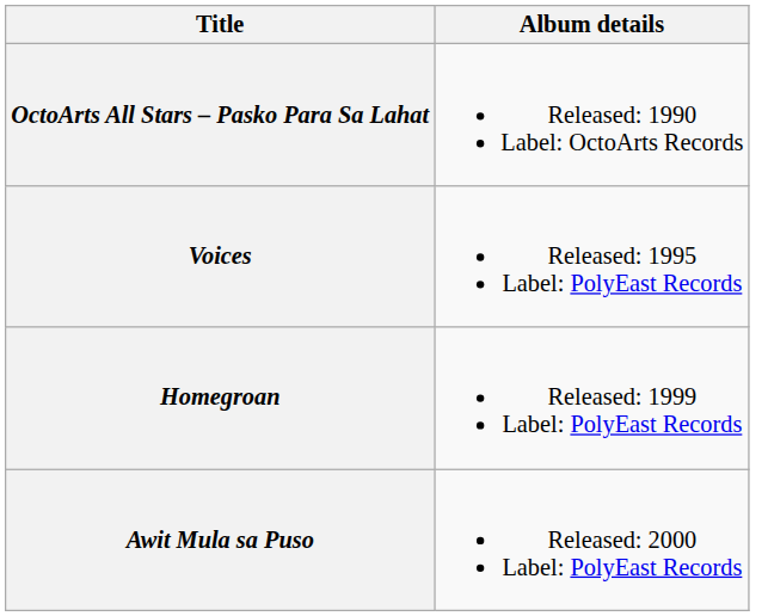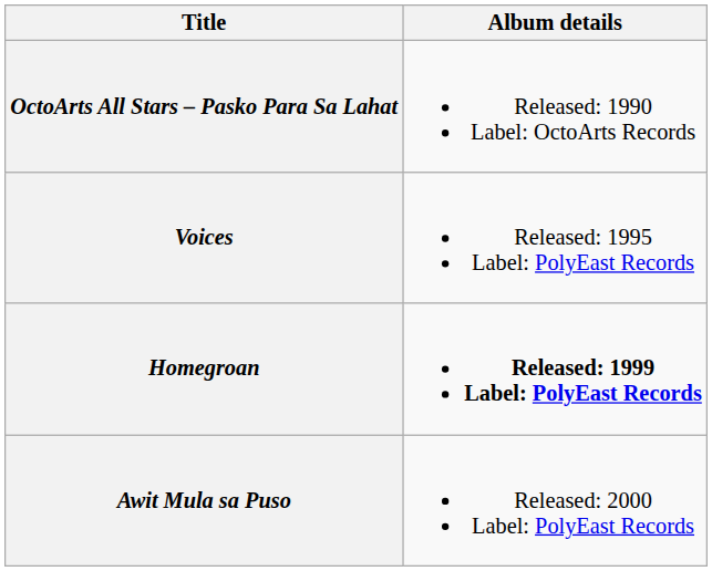 <table class="wikitable plainrowheaders" style="text-align:center;">
 <tr>
 <th scope="col">Title</th>
 <th scope="col">Album details</th>
 </tr>
 <tr>
 <th scope="row"><em>OctoArts All Stars – Pasko Para Sa Lahat</em></th>
 <td><br><ul><li>Released: 1990</li><li>Label: OctoArts Records</li></ul></td>
 </tr>
 <tr>
 <th scope="row"><em>Voices</em></th>
 <td><br><ul><li>Released: 1995</li><li>Label: <a href='#'>PolyEast Records</a></li></ul></td>
 </tr>
 <tr>
 <th scope="row"><em>Homegroan</em></th>
-<td><br><ul><li>Released: 1999</li><li>Label: <a href='#'>PolyEast Records</a></li></ul></td>
+<td><strong><br><ul><li>Released: 1999</li><li>Label: <a href='#'>PolyEast Records</a></li></ul></strong></td>
 </tr>
 <tr>
 <th scope="row"><em>Awit Mula sa Puso</em></th>
 <td><br><ul><li>Released: 2000</li><li>Label: <a href='#'>PolyEast Records</a></li></ul></td>
 </tr>
 </table>
